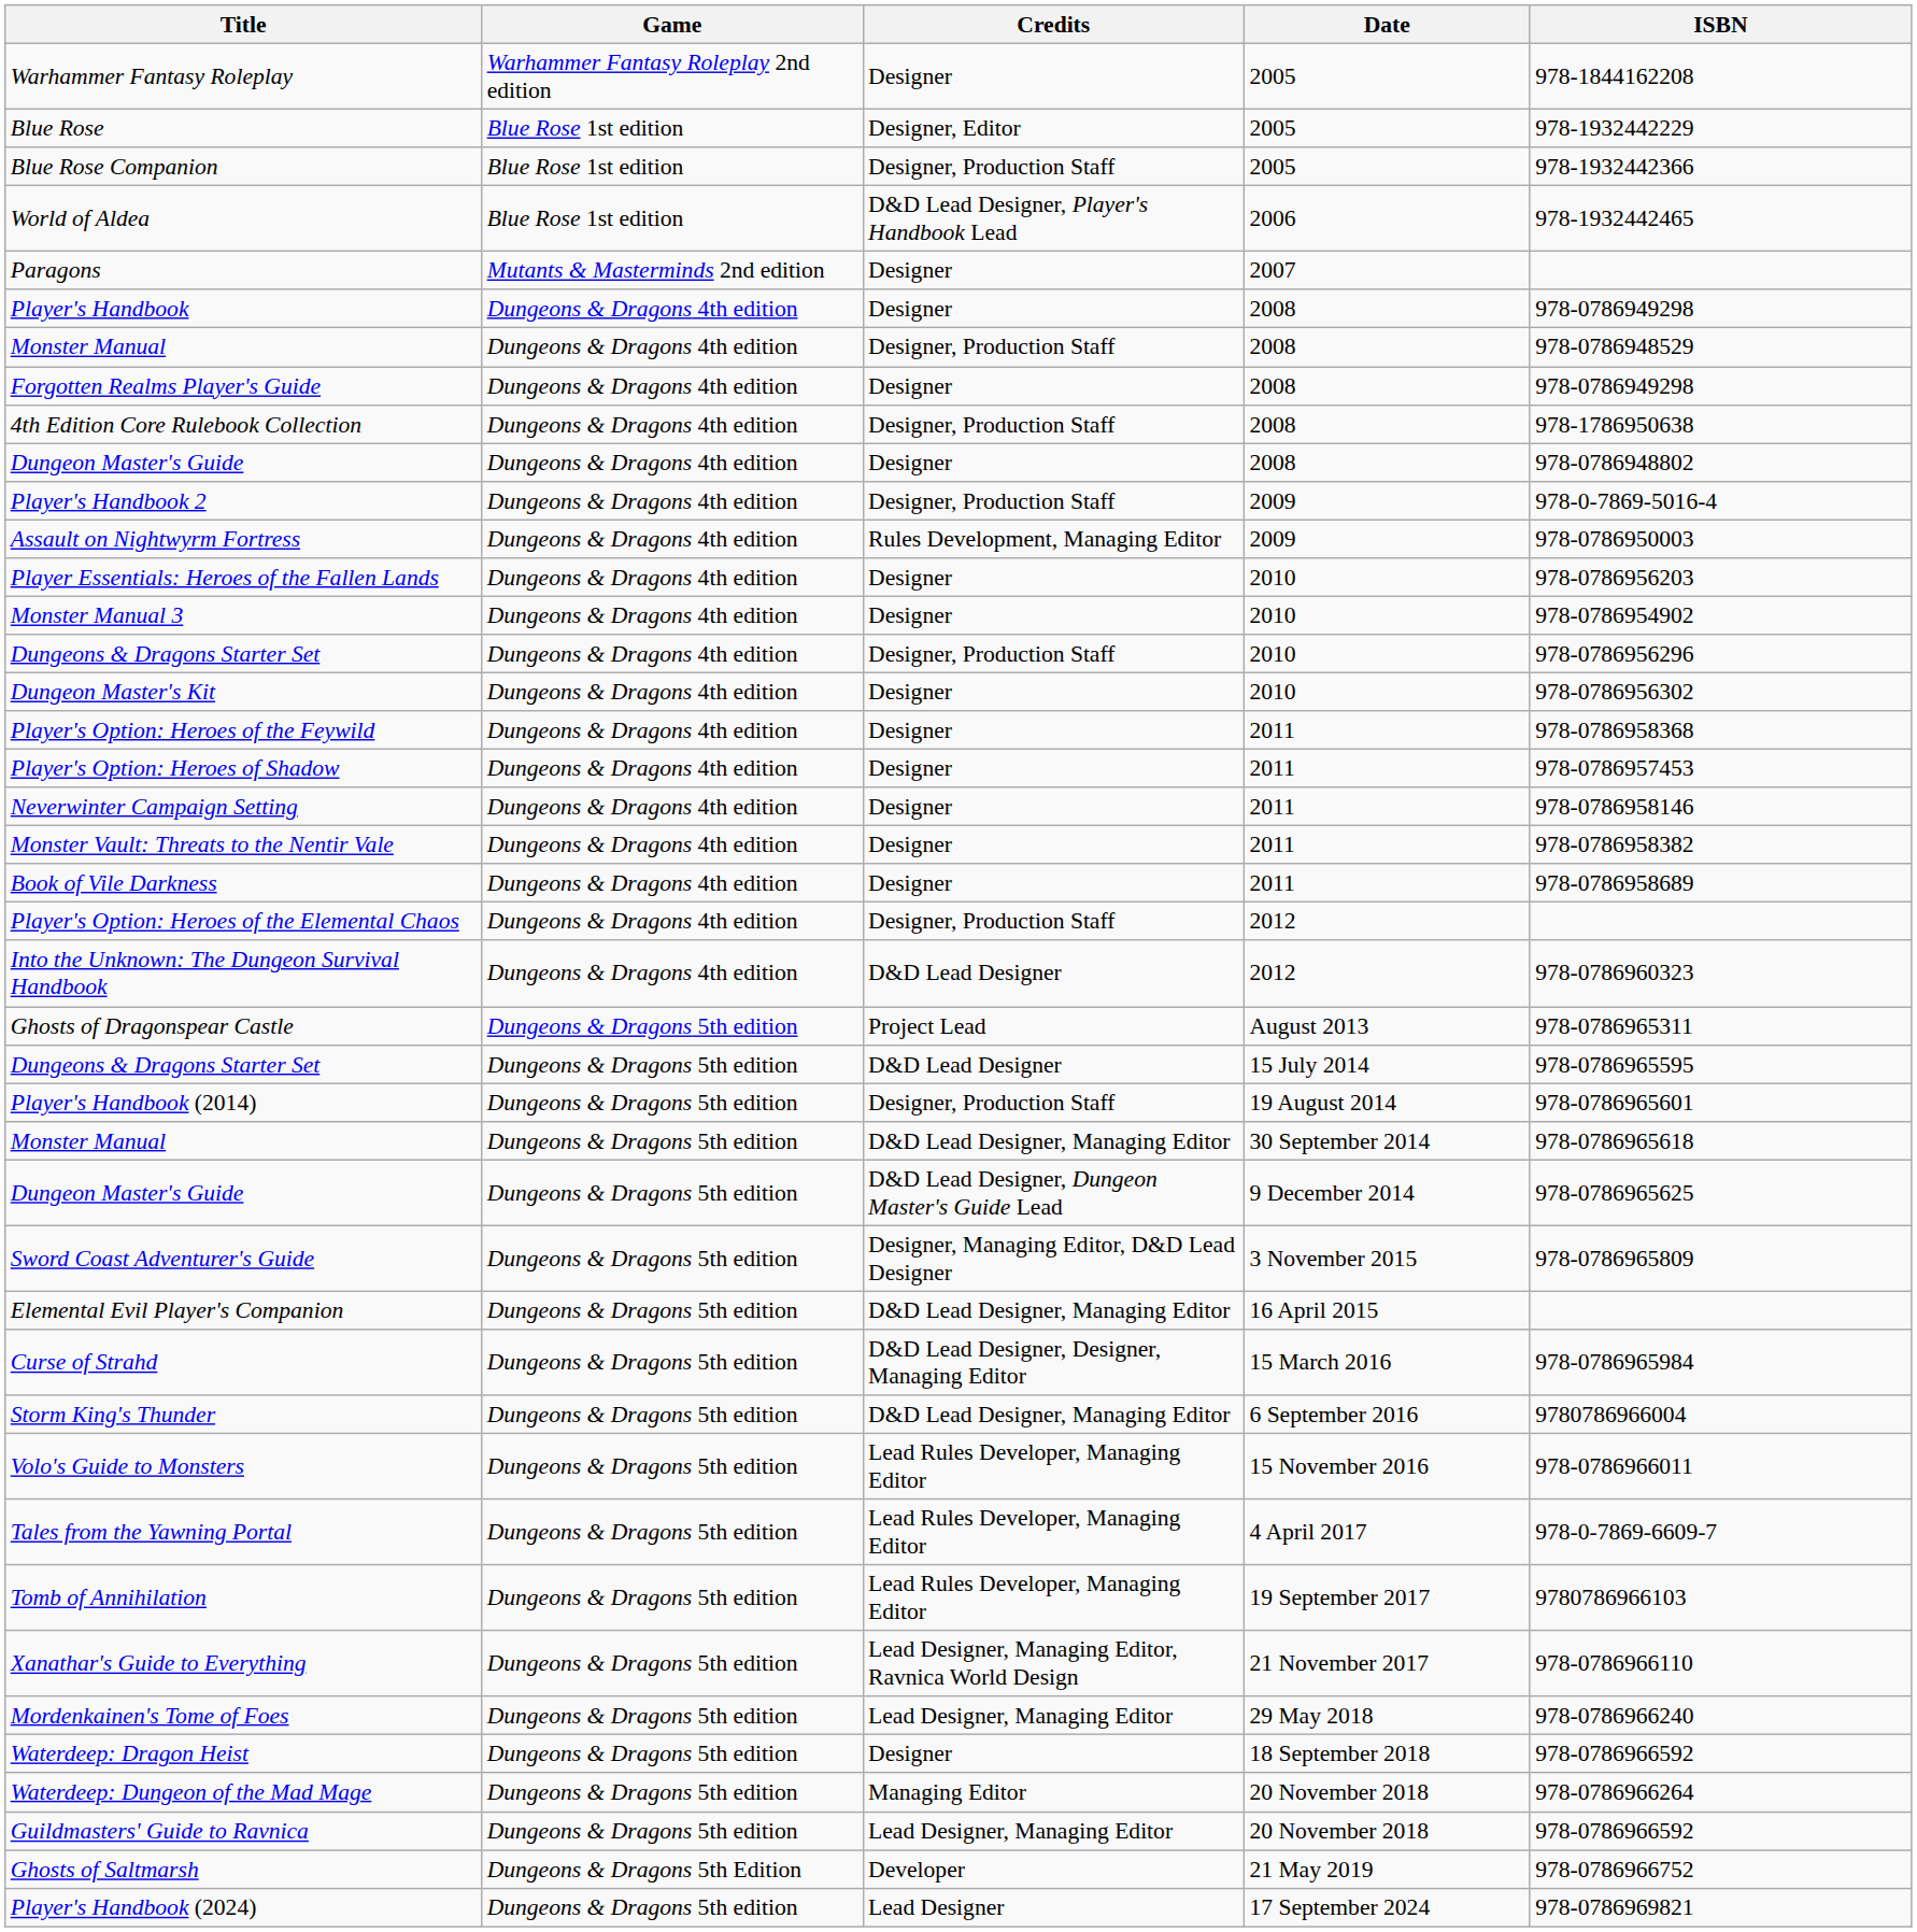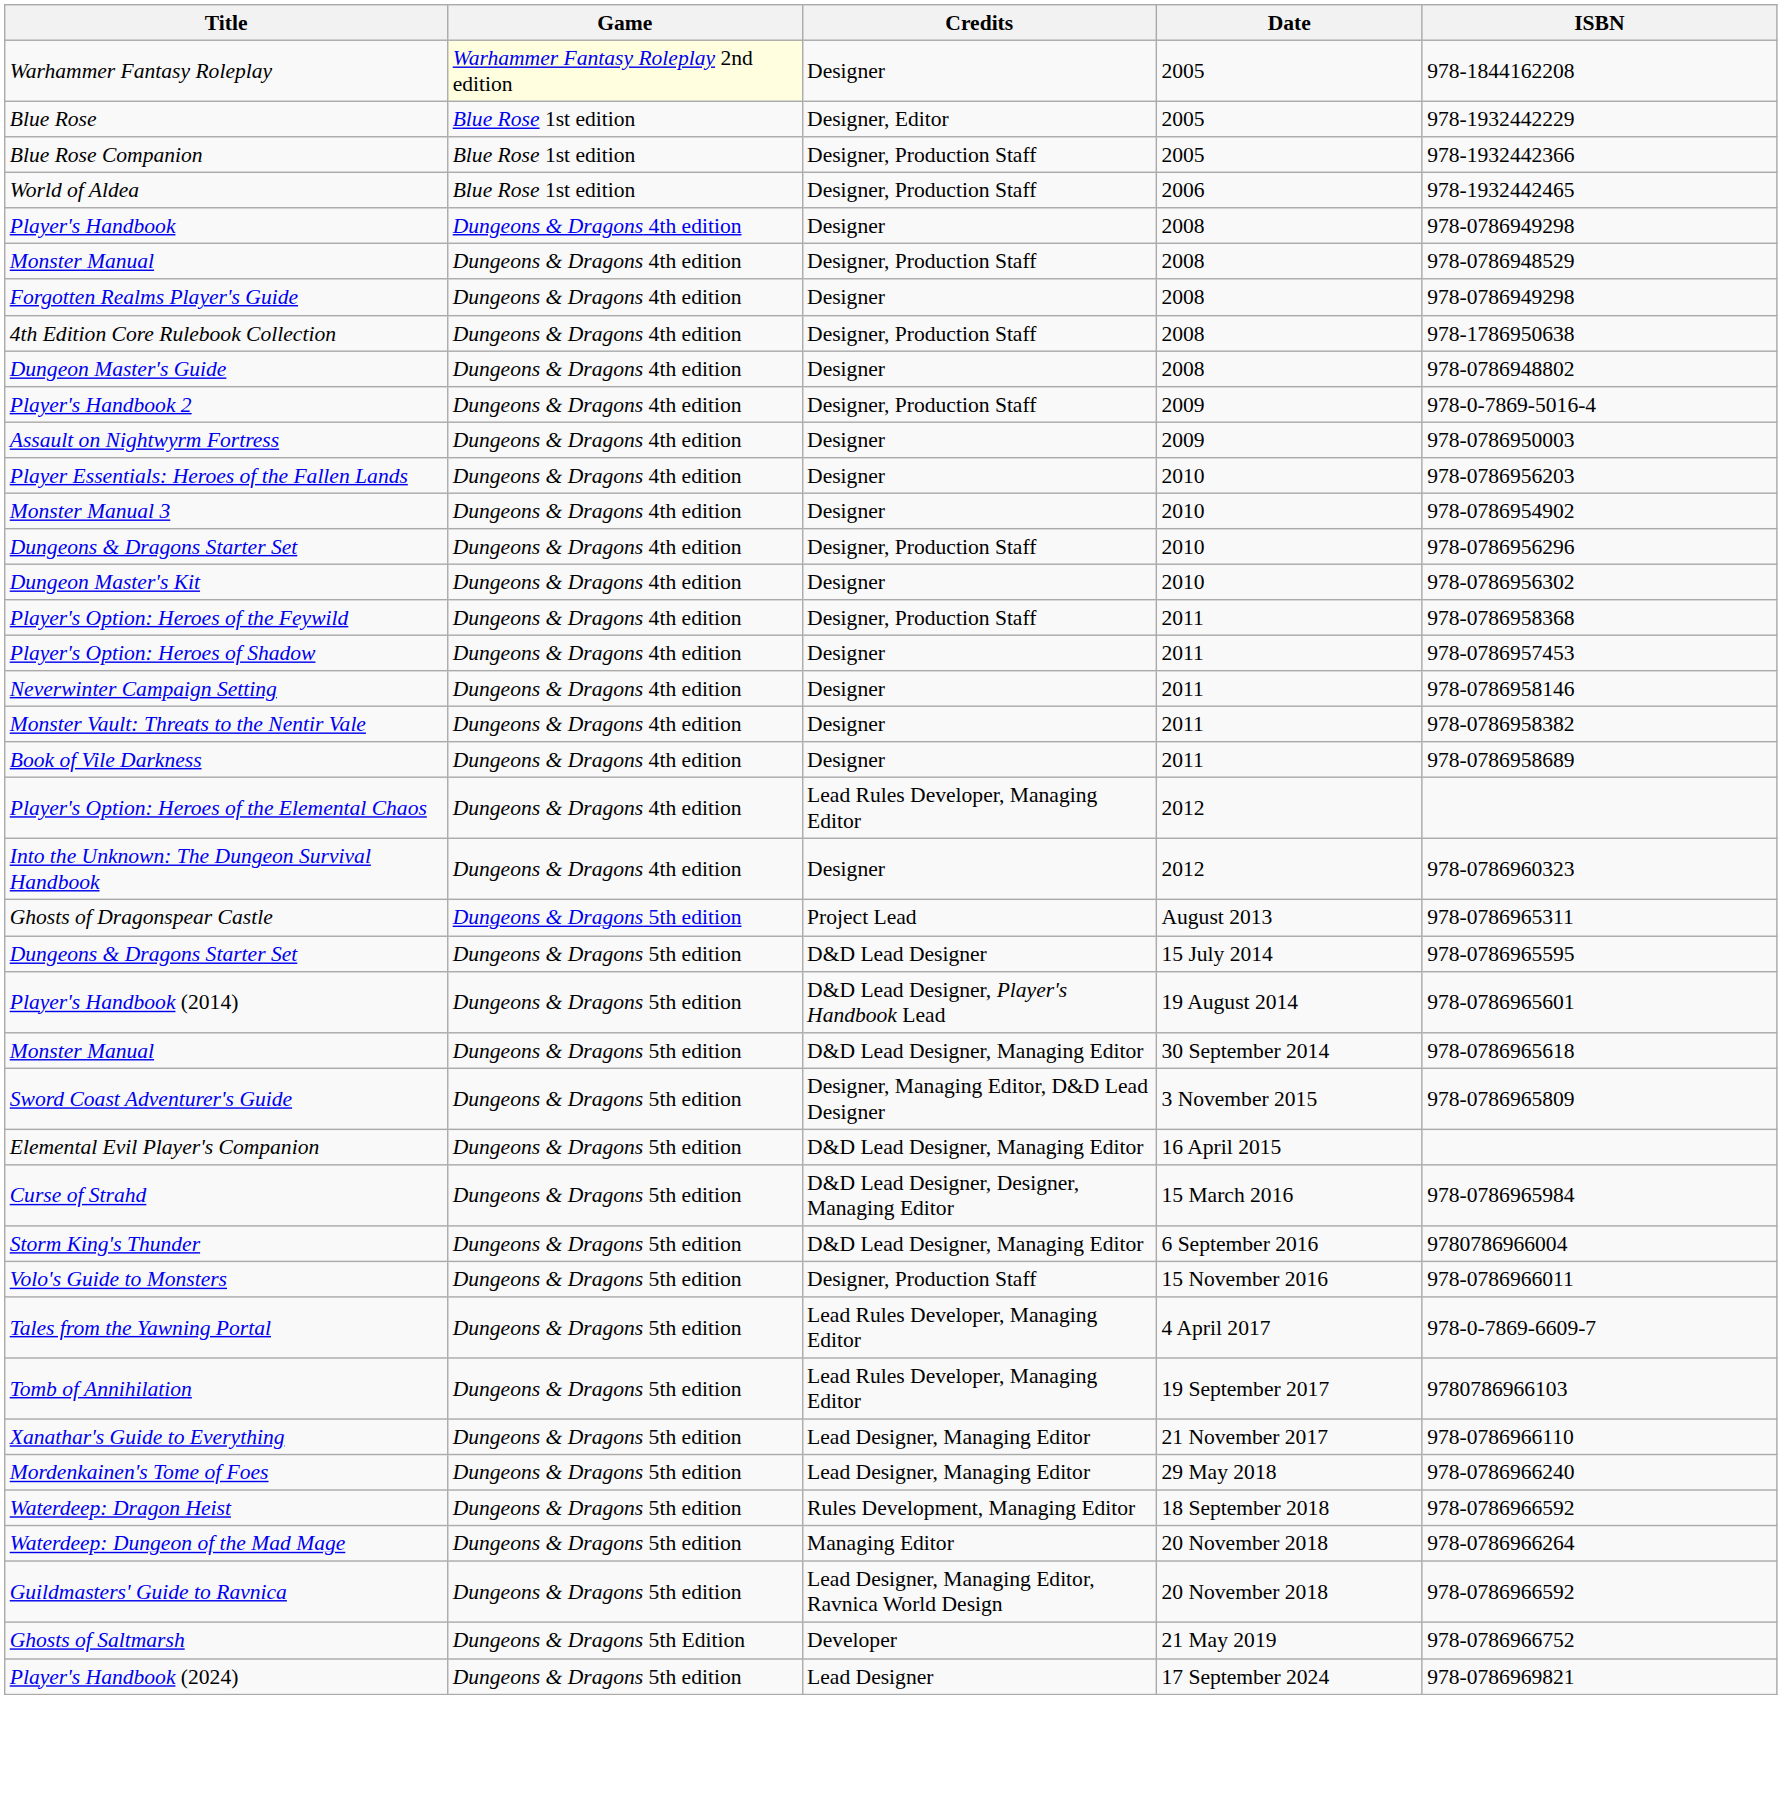 <table class="wikitable sortable" style="margins:auto; width=95%; font-size: 95%;">
 <tr>
 <th width="25%">Title</th>
 <th width="20%">Game</th>
 <th width="20%">Credits</th>
 <th width="15%">Date</th>
 <th width="20%">ISBN</th>
 </tr>
 <tr>
 <td><em>Warhammer Fantasy Roleplay</em></td>
-<td><em><a href='#'>Warhammer Fantasy Roleplay</a></em> 2nd edition</td>
+<td style="background: lightyellow;"><em><a href='#'>Warhammer Fantasy Roleplay</a></em> 2nd edition</td>
 <td>Designer</td>
 <td>2005</td>
 <td>978-1844162208</td>
 </tr>
 <tr>
 <td><em>Blue Rose</em></td>
 <td><em><a href='#'>Blue Rose</a></em> 1st edition</td>
 <td>Designer, Editor</td>
 <td>2005</td>
 <td>978-1932442229</td>
 </tr>
 <tr>
 <td><em>Blue Rose Companion</em></td>
 <td><em>Blue Rose</em> 1st edition</td>
 <td>Designer, Production Staff</td>
 <td>2005</td>
 <td>978-1932442366</td>
 </tr>
 <tr>
 <td><em>World of Aldea</em></td>
 <td><em>Blue Rose</em> 1st edition</td>
-<td>D&D Lead Designer, <em>Player's Handbook</em> Lead</td>
+<td>Designer, Production Staff</td>
 <td>2006</td>
 <td>978-1932442465</td>
-</tr>
-<tr>
-<td><em>Paragons</em></td>
-<td><em><a href='#'>Mutants & Masterminds</a></em> 2nd edition</td>
-<td>Designer</td>
-<td>2007</td>
-<td></td>
 </tr>
 <tr>
 <td><em><a href='#'>Player's Handbook</a></em></td>
 <td><a href='#'><em>Dungeons & Dragons</em> 4th edition</a></td>
 <td>Designer</td>
 <td>2008</td>
 <td>978-0786949298</td>
 </tr>
 <tr>
 <td><em><a href='#'>Monster Manual</a></em></td>
 <td><em>Dungeons & Dragons</em> 4th edition</td>
 <td>Designer, Production Staff</td>
 <td>2008</td>
 <td>978-0786948529</td>
 </tr>
 <tr>
 <td><em><a href='#'>Forgotten Realms Player's Guide</a></em></td>
 <td><em>Dungeons & Dragons</em> 4th edition</td>
 <td>Designer</td>
 <td>2008</td>
 <td>978-0786949298</td>
 </tr>
 <tr>
 <td><em>4th Edition Core Rulebook Collection</em></td>
 <td><em>Dungeons & Dragons</em> 4th edition</td>
 <td>Designer, Production Staff</td>
 <td>2008</td>
 <td>978-1786950638</td>
 </tr>
 <tr>
 <td><em><a href='#'>Dungeon Master's Guide</a></em></td>
 <td><em>Dungeons & Dragons</em> 4th edition</td>
 <td>Designer</td>
 <td>2008</td>
 <td>978-0786948802</td>
 </tr>
 <tr>
 <td><em><a href='#'>Player's Handbook 2</a></em></td>
 <td><em>Dungeons & Dragons</em> 4th edition</td>
 <td>Designer, Production Staff</td>
 <td>2009</td>
 <td>978-0-7869-5016-4</td>
 </tr>
 <tr>
 <td><em><a href='#'>Assault on Nightwyrm Fortress</a></em></td>
 <td><em>Dungeons & Dragons</em> 4th edition</td>
-<td>Rules Development, Managing Editor</td>
+<td>Designer</td>
 <td>2009</td>
 <td>978-0786950003</td>
 </tr>
 <tr>
 <td><em><a href='#'>Player Essentials: Heroes of the Fallen Lands</a></em></td>
 <td><em>Dungeons & Dragons</em> 4th edition</td>
 <td>Designer</td>
 <td>2010</td>
 <td>978-0786956203</td>
 </tr>
 <tr>
 <td><em><a href='#'>Monster Manual 3</a></em></td>
 <td><em>Dungeons & Dragons</em> 4th edition</td>
 <td>Designer</td>
 <td>2010</td>
 <td>978-0786954902</td>
 </tr>
 <tr>
 <td><em><a href='#'>Dungeons & Dragons Starter Set</a></em></td>
 <td><em>Dungeons & Dragons</em> 4th edition</td>
 <td>Designer, Production Staff</td>
 <td>2010</td>
 <td>978-0786956296</td>
 </tr>
 <tr>
 <td><em><a href='#'>Dungeon Master's Kit</a></em></td>
 <td><em>Dungeons & Dragons</em> 4th edition</td>
 <td>Designer</td>
 <td>2010</td>
 <td>978-0786956302</td>
 </tr>
 <tr>
 <td><em><a href='#'>Player's Option: Heroes of the Feywild</a></em></td>
 <td><em>Dungeons & Dragons</em> 4th edition</td>
-<td>Designer</td>
+<td>Designer, Production Staff</td>
 <td>2011</td>
 <td>978-0786958368</td>
 </tr>
 <tr>
 <td><em><a href='#'>Player's Option: Heroes of Shadow</a></em></td>
 <td><em>Dungeons & Dragons</em> 4th edition</td>
 <td>Designer</td>
 <td>2011</td>
 <td>978-0786957453</td>
 </tr>
 <tr>
 <td><em><a href='#'>Neverwinter Campaign Setting</a></em></td>
 <td><em>Dungeons & Dragons</em> 4th edition</td>
 <td>Designer</td>
 <td>2011</td>
 <td>978-0786958146</td>
 </tr>
 <tr>
 <td><em><a href='#'>Monster Vault: Threats to the Nentir Vale</a></em></td>
 <td><em>Dungeons & Dragons</em> 4th edition</td>
 <td>Designer</td>
 <td>2011</td>
 <td>978-0786958382</td>
 </tr>
 <tr>
 <td><em><a href='#'>Book of Vile Darkness</a></em></td>
 <td><em>Dungeons & Dragons</em> 4th edition</td>
 <td>Designer</td>
 <td>2011</td>
 <td>978-0786958689</td>
 </tr>
 <tr>
 <td><em><a href='#'>Player's Option: Heroes of the Elemental Chaos</a></em></td>
 <td><em>Dungeons & Dragons</em> 4th edition</td>
-<td>Designer, Production Staff</td>
+<td>Lead Rules Developer, Managing Editor</td>
 <td>2012</td>
 <td></td>
 </tr>
 <tr>
 <td><em><a href='#'>Into the Unknown: The Dungeon Survival Handbook</a></em></td>
 <td><em>Dungeons & Dragons</em> 4th edition</td>
-<td>D&D Lead Designer</td>
+<td>Designer</td>
 <td>2012</td>
 <td>978-0786960323</td>
 </tr>
 <tr>
 <td><em>Ghosts of Dragonspear Castle</em></td>
 <td><a href='#'><em>Dungeons & Dragons</em> 5th edition</a></td>
 <td>Project Lead</td>
 <td>August 2013</td>
 <td>978-0786965311</td>
 </tr>
 <tr>
 <td><em><a href='#'>Dungeons & Dragons Starter Set</a></em></td>
 <td><em>Dungeons & Dragons</em> 5th edition</td>
 <td>D&D Lead Designer</td>
 <td>15 July 2014</td>
 <td>978-0786965595</td>
 </tr>
 <tr>
 <td><em><a href='#'>Player's Handbook</a></em> (2014)</td>
 <td><em>Dungeons & Dragons</em> 5th edition</td>
-<td>Designer, Production Staff</td>
+<td>D&D Lead Designer, <em>Player's Handbook</em> Lead</td>
 <td>19 August 2014</td>
 <td>978-0786965601</td>
 </tr>
 <tr>
 <td><em><a href='#'>Monster Manual</a></em></td>
 <td><em>Dungeons & Dragons</em> 5th edition</td>
 <td>D&D Lead Designer, Managing Editor</td>
 <td>30 September 2014</td>
 <td>978-0786965618</td>
-</tr>
-<tr>
-<td><em><a href='#'>Dungeon Master's Guide</a></em></td>
-<td><em>Dungeons & Dragons</em> 5th edition</td>
-<td>D&D Lead Designer, <em>Dungeon Master's Guide</em> Lead</td>
-<td>9 December 2014</td>
-<td>978-0786965625</td>
 </tr>
 <tr>
 <td><em><a href='#'>Sword Coast Adventurer's Guide</a></em></td>
 <td><em>Dungeons & Dragons</em> 5th edition</td>
 <td>Designer, Managing Editor, D&D Lead Designer</td>
 <td>3 November 2015</td>
 <td>978-0786965809</td>
 </tr>
 <tr>
 <td><em>Elemental Evil Player's Companion</em></td>
 <td><em>Dungeons & Dragons</em> 5th edition</td>
 <td>D&D Lead Designer, Managing Editor</td>
 <td>16 April 2015</td>
 <td></td>
 </tr>
 <tr>
 <td><em><a href='#'>Curse of Strahd</a></em></td>
 <td><em>Dungeons & Dragons</em> 5th edition</td>
 <td>D&D Lead Designer, Designer, Managing Editor</td>
 <td>15 March 2016</td>
 <td>978-0786965984</td>
 </tr>
 <tr>
 <td><em><a href='#'>Storm King's Thunder</a></em></td>
 <td><em>Dungeons & Dragons</em> 5th edition</td>
 <td>D&D Lead Designer, Managing Editor</td>
 <td>6 September 2016</td>
 <td>9780786966004</td>
 </tr>
 <tr>
 <td><em><a href='#'>Volo's Guide to Monsters</a></em></td>
 <td><em>Dungeons & Dragons</em> 5th edition</td>
-<td>Lead Rules Developer, Managing Editor</td>
+<td>Designer, Production Staff</td>
 <td>15 November 2016</td>
 <td>978-0786966011</td>
 </tr>
 <tr>
 <td><em><a href='#'>Tales from the Yawning Portal</a></em></td>
 <td><em>Dungeons & Dragons</em> 5th edition</td>
 <td>Lead Rules Developer, Managing Editor</td>
 <td>4 April 2017</td>
 <td>978-0-7869-6609-7</td>
 </tr>
 <tr>
 <td><em><a href='#'>Tomb of Annihilation</a></em></td>
 <td><em>Dungeons & Dragons</em> 5th edition</td>
 <td>Lead Rules Developer, Managing Editor</td>
 <td>19 September 2017</td>
 <td>9780786966103</td>
 </tr>
 <tr>
 <td><em><a href='#'>Xanathar's Guide to Everything</a></em></td>
 <td><em>Dungeons & Dragons</em> 5th edition</td>
-<td>Lead Designer, Managing Editor, Ravnica World Design</td>
+<td>Lead Designer, Managing Editor</td>
 <td>21 November 2017</td>
 <td>978-0786966110</td>
 </tr>
 <tr>
 <td><em><a href='#'>Mordenkainen's Tome of Foes</a></em></td>
 <td><em>Dungeons & Dragons</em> 5th edition</td>
 <td>Lead Designer, Managing Editor</td>
 <td>29 May 2018</td>
 <td>978-0786966240</td>
 </tr>
 <tr>
 <td><em><a href='#'>Waterdeep: Dragon Heist</a></em></td>
 <td><em>Dungeons & Dragons</em> 5th edition</td>
-<td>Designer</td>
+<td>Rules Development, Managing Editor</td>
 <td>18 September 2018</td>
 <td>978-0786966592</td>
 </tr>
 <tr>
 <td><em><a href='#'>Waterdeep: Dungeon of the Mad Mage</a></em></td>
 <td><em>Dungeons & Dragons</em> 5th edition</td>
 <td>Managing Editor</td>
 <td>20 November 2018</td>
 <td>978-0786966264</td>
 </tr>
 <tr>
 <td><em><a href='#'>Guildmasters' Guide to Ravnica</a></em></td>
 <td><em>Dungeons & Dragons</em> 5th edition</td>
-<td>Lead Designer, Managing Editor</td>
+<td>Lead Designer, Managing Editor, Ravnica World Design</td>
 <td>20 November 2018</td>
 <td>978-0786966592</td>
 </tr>
 <tr>
 <td><em><a href='#'>Ghosts of Saltmarsh</a></em></td>
 <td><em>Dungeons & Dragons</em> 5th Edition</td>
 <td>Developer</td>
 <td>21 May 2019</td>
 <td>978-0786966752</td>
 </tr>
 <tr>
 <td><em><a href='#'>Player's Handbook</a></em> (2024)</td>
 <td><em>Dungeons & Dragons</em> 5th edition</td>
 <td>Lead Designer</td>
 <td>17 September 2024</td>
 <td>978-0786969821</td>
 </tr>
 </table>
